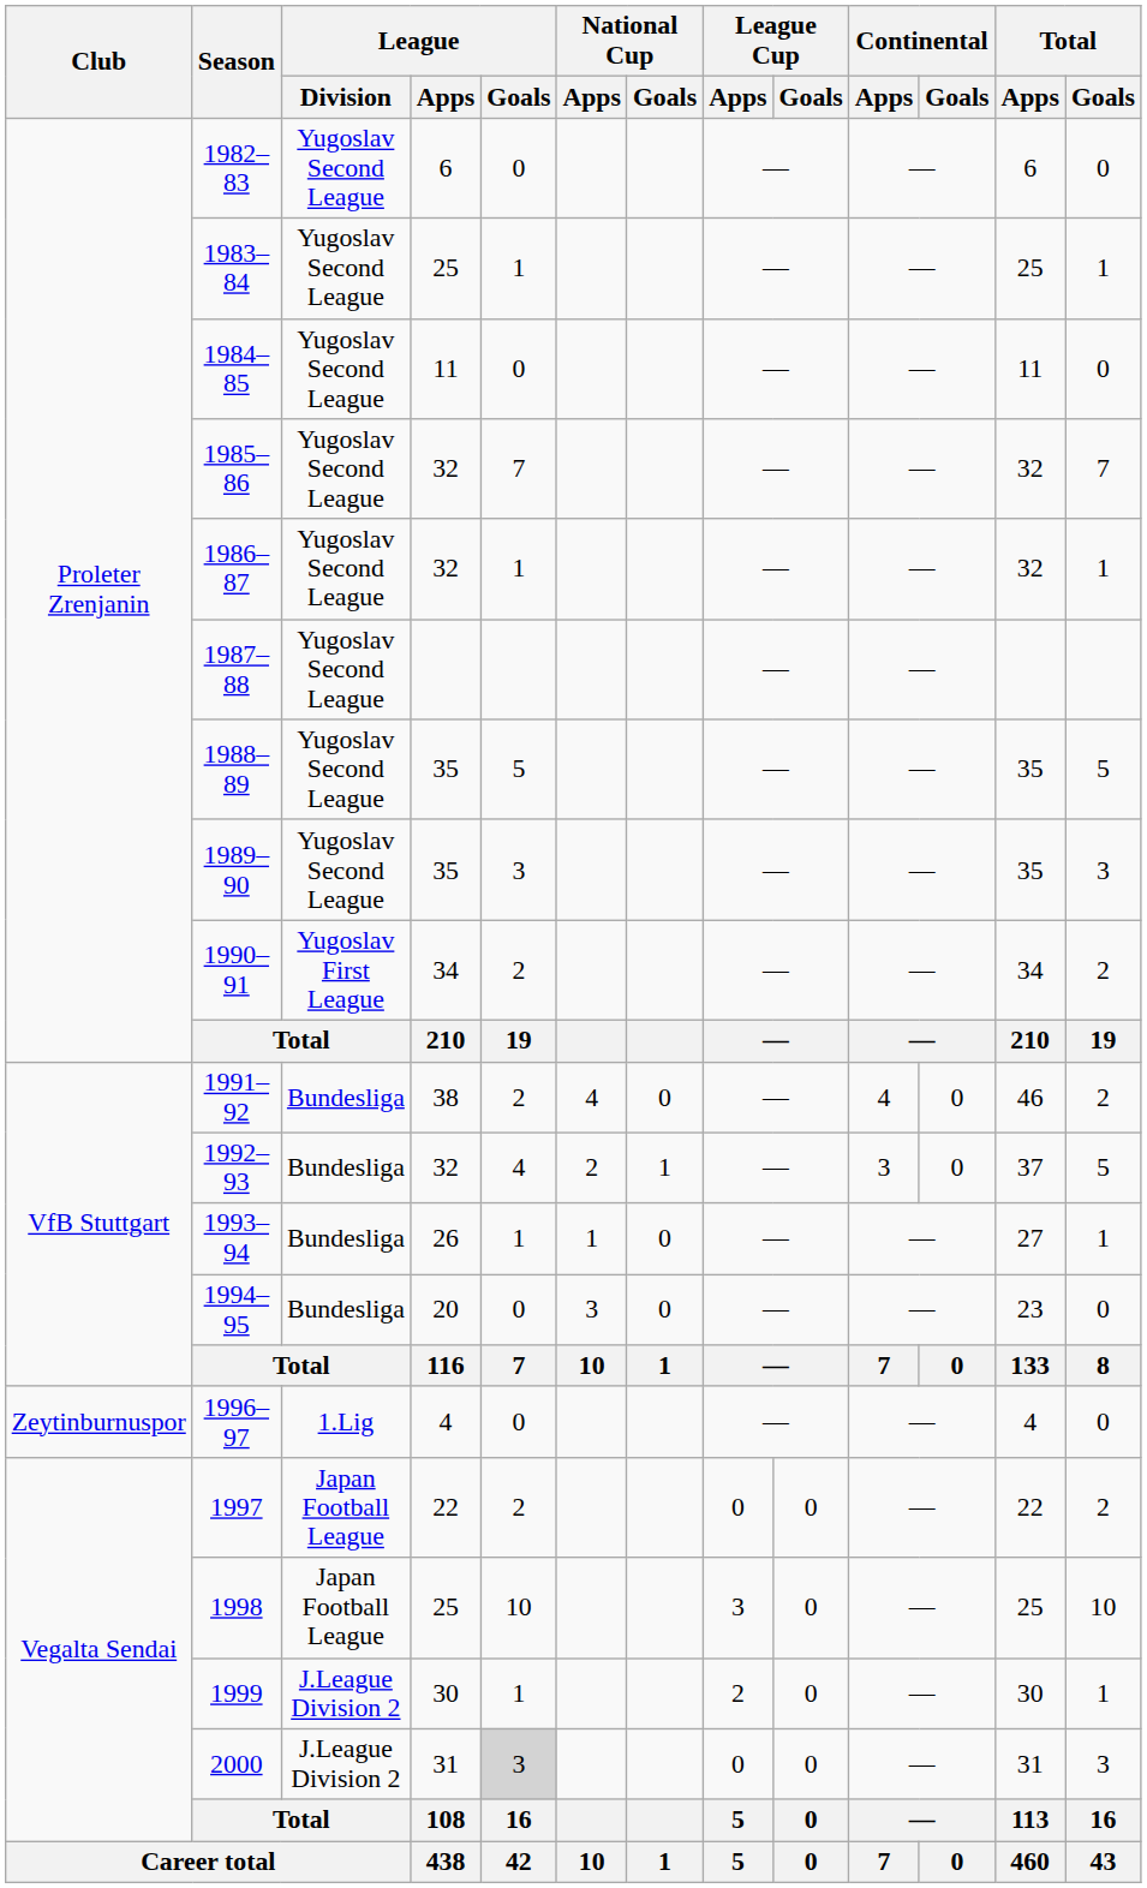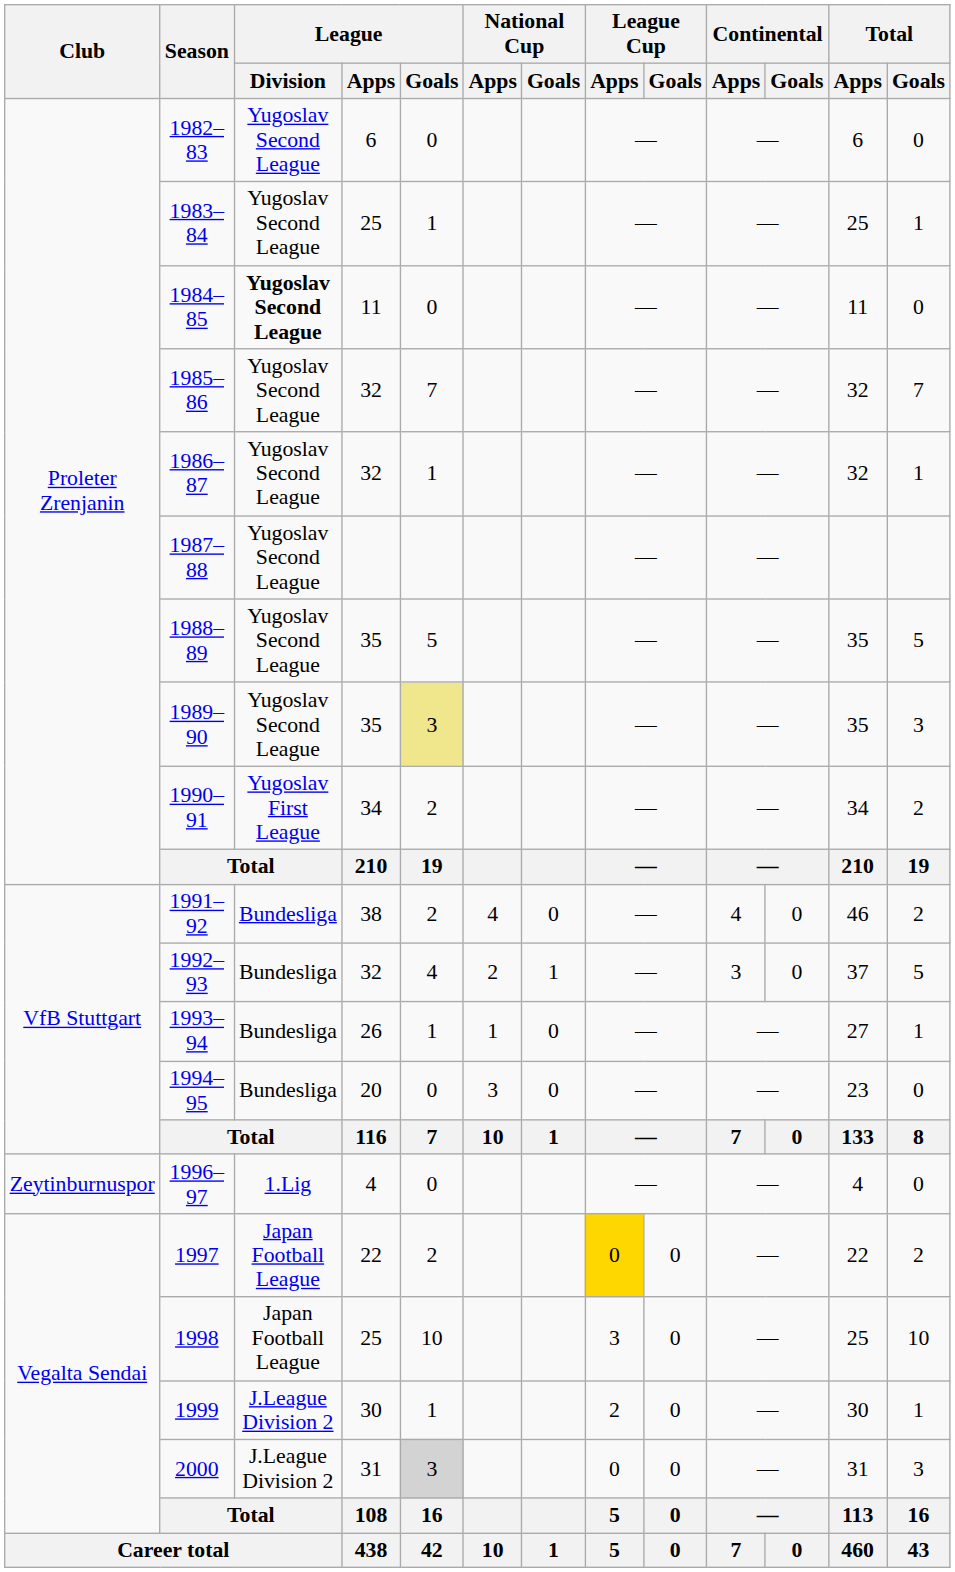 <table class="wikitable" style="text-align:center">
 <tr>
 <th rowspan="2">Club</th>
 <th rowspan="2">Season</th>
 <th colspan="3">League</th>
 <th colspan="2">National Cup</th>
 <th colspan="2">League Cup</th>
 <th colspan="2">Continental</th>
 <th colspan="2">Total</th>
 </tr>
 <tr>
 <th>Division</th>
 <th>Apps</th>
 <th>Goals</th>
 <th>Apps</th>
 <th>Goals</th>
 <th>Apps</th>
 <th>Goals</th>
 <th>Apps</th>
 <th>Goals</th>
 <th>Apps</th>
 <th>Goals</th>
 </tr>
 <tr>
 <td rowspan="10"><a href='#'>Proleter Zrenjanin</a></td>
 <td><a href='#'>1982–83</a></td>
 <td><a href='#'>Yugoslav Second League</a></td>
 <td>6</td>
 <td>0</td>
 <td></td>
 <td></td>
 <td colspan="2">—</td>
 <td colspan="2">—</td>
 <td>6</td>
 <td>0</td>
 </tr>
 <tr>
 <td><a href='#'>1983–84</a></td>
 <td>Yugoslav Second League</td>
 <td>25</td>
 <td>1</td>
 <td></td>
 <td></td>
 <td colspan="2">—</td>
 <td colspan="2">—</td>
 <td>25</td>
 <td>1</td>
 </tr>
 <tr>
 <td><a href='#'>1984–85</a></td>
-<td>Yugoslav Second League</td>
+<td><strong>Yugoslav Second League</strong></td>
 <td>11</td>
 <td>0</td>
 <td></td>
 <td></td>
 <td colspan="2">—</td>
 <td colspan="2">—</td>
 <td>11</td>
 <td>0</td>
 </tr>
 <tr>
 <td><a href='#'>1985–86</a></td>
 <td>Yugoslav Second League</td>
 <td>32</td>
 <td>7</td>
 <td></td>
 <td></td>
 <td colspan="2">—</td>
 <td colspan="2">—</td>
 <td>32</td>
 <td>7</td>
 </tr>
 <tr>
 <td><a href='#'>1986–87</a></td>
 <td>Yugoslav Second League</td>
 <td>32</td>
 <td>1</td>
 <td></td>
 <td></td>
 <td colspan="2">—</td>
 <td colspan="2">—</td>
 <td>32</td>
 <td>1</td>
 </tr>
 <tr>
 <td><a href='#'>1987–88</a></td>
 <td>Yugoslav Second League</td>
 <td></td>
 <td></td>
 <td></td>
 <td></td>
 <td colspan="2">—</td>
 <td colspan="2">—</td>
 <td></td>
 <td></td>
 </tr>
 <tr>
 <td><a href='#'>1988–89</a></td>
 <td>Yugoslav Second League</td>
 <td>35</td>
 <td>5</td>
 <td></td>
 <td></td>
 <td colspan="2">—</td>
 <td colspan="2">—</td>
 <td>35</td>
 <td>5</td>
 </tr>
 <tr>
 <td><a href='#'>1989–90</a></td>
 <td>Yugoslav Second League</td>
 <td>35</td>
-<td>3</td>
+<td style="background: khaki;">3</td>
 <td></td>
 <td></td>
 <td colspan="2">—</td>
 <td colspan="2">—</td>
 <td>35</td>
 <td>3</td>
 </tr>
 <tr>
 <td><a href='#'>1990–91</a></td>
 <td><a href='#'>Yugoslav First League</a></td>
 <td>34</td>
 <td>2</td>
 <td></td>
 <td></td>
 <td colspan="2">—</td>
 <td colspan="2">—</td>
 <td>34</td>
 <td>2</td>
 </tr>
 <tr>
 <th colspan="2">Total</th>
 <th>210</th>
 <th>19</th>
 <th></th>
 <th></th>
 <th colspan="2">—</th>
 <th colspan="2">—</th>
 <th>210</th>
 <th>19</th>
 </tr>
 <tr>
 <td rowspan="5"><a href='#'>VfB Stuttgart</a></td>
 <td><a href='#'>1991–92</a></td>
 <td><a href='#'>Bundesliga</a></td>
 <td>38</td>
 <td>2</td>
 <td>4</td>
 <td>0</td>
 <td colspan="2">—</td>
 <td>4</td>
 <td>0</td>
 <td>46</td>
 <td>2</td>
 </tr>
 <tr>
 <td><a href='#'>1992–93</a></td>
 <td>Bundesliga</td>
 <td>32</td>
 <td>4</td>
 <td>2</td>
 <td>1</td>
 <td colspan="2">—</td>
 <td>3</td>
 <td>0</td>
 <td>37</td>
 <td>5</td>
 </tr>
 <tr>
 <td><a href='#'>1993–94</a></td>
 <td>Bundesliga</td>
 <td>26</td>
 <td>1</td>
 <td>1</td>
 <td>0</td>
 <td colspan="2">—</td>
 <td colspan="2">—</td>
 <td>27</td>
 <td>1</td>
 </tr>
 <tr>
 <td><a href='#'>1994–95</a></td>
 <td>Bundesliga</td>
 <td>20</td>
 <td>0</td>
 <td>3</td>
 <td>0</td>
 <td colspan="2">—</td>
 <td colspan="2">—</td>
 <td>23</td>
 <td>0</td>
 </tr>
 <tr>
 <th colspan="2">Total</th>
 <th>116</th>
 <th>7</th>
 <th>10</th>
 <th>1</th>
 <th colspan="2">—</th>
 <th>7</th>
 <th>0</th>
 <th>133</th>
 <th>8</th>
 </tr>
 <tr>
 <td><a href='#'>Zeytinburnuspor</a></td>
 <td><a href='#'>1996–97</a></td>
 <td><a href='#'>1.Lig</a></td>
 <td>4</td>
 <td>0</td>
 <td></td>
 <td></td>
 <td colspan="2">—</td>
 <td colspan="2">—</td>
 <td>4</td>
 <td>0</td>
 </tr>
 <tr>
 <td rowspan="5"><a href='#'>Vegalta Sendai</a></td>
 <td><a href='#'>1997</a></td>
 <td><a href='#'>Japan Football League</a></td>
 <td>22</td>
 <td>2</td>
 <td></td>
 <td></td>
-<td>0</td>
+<td style="background: gold;">0</td>
 <td>0</td>
 <td colspan="2">—</td>
 <td>22</td>
 <td>2</td>
 </tr>
 <tr>
 <td><a href='#'>1998</a></td>
 <td>Japan Football League</td>
 <td>25</td>
 <td>10</td>
 <td></td>
 <td></td>
 <td>3</td>
 <td>0</td>
 <td colspan="2">—</td>
 <td>25</td>
 <td>10</td>
 </tr>
 <tr>
 <td><a href='#'>1999</a></td>
 <td><a href='#'>J.League Division 2</a></td>
 <td>30</td>
 <td>1</td>
 <td></td>
 <td></td>
 <td>2</td>
 <td>0</td>
 <td colspan="2">—</td>
 <td>30</td>
 <td>1</td>
 </tr>
 <tr>
 <td><a href='#'>2000</a></td>
 <td>J.League Division 2</td>
 <td>31</td>
 <td style="background: lightgrey;">3</td>
 <td></td>
 <td></td>
 <td>0</td>
 <td>0</td>
 <td colspan="2">—</td>
 <td>31</td>
 <td>3</td>
 </tr>
 <tr>
 <th colspan="2">Total</th>
 <th>108</th>
 <th>16</th>
 <th></th>
 <th></th>
 <th>5</th>
 <th>0</th>
 <th colspan="2">—</th>
 <th>113</th>
 <th>16</th>
 </tr>
 <tr>
 <th colspan="3">Career total</th>
 <th>438</th>
 <th>42</th>
 <th>10</th>
 <th>1</th>
 <th>5</th>
 <th>0</th>
 <th>7</th>
 <th>0</th>
 <th>460</th>
 <th>43</th>
 </tr>
 </table>
